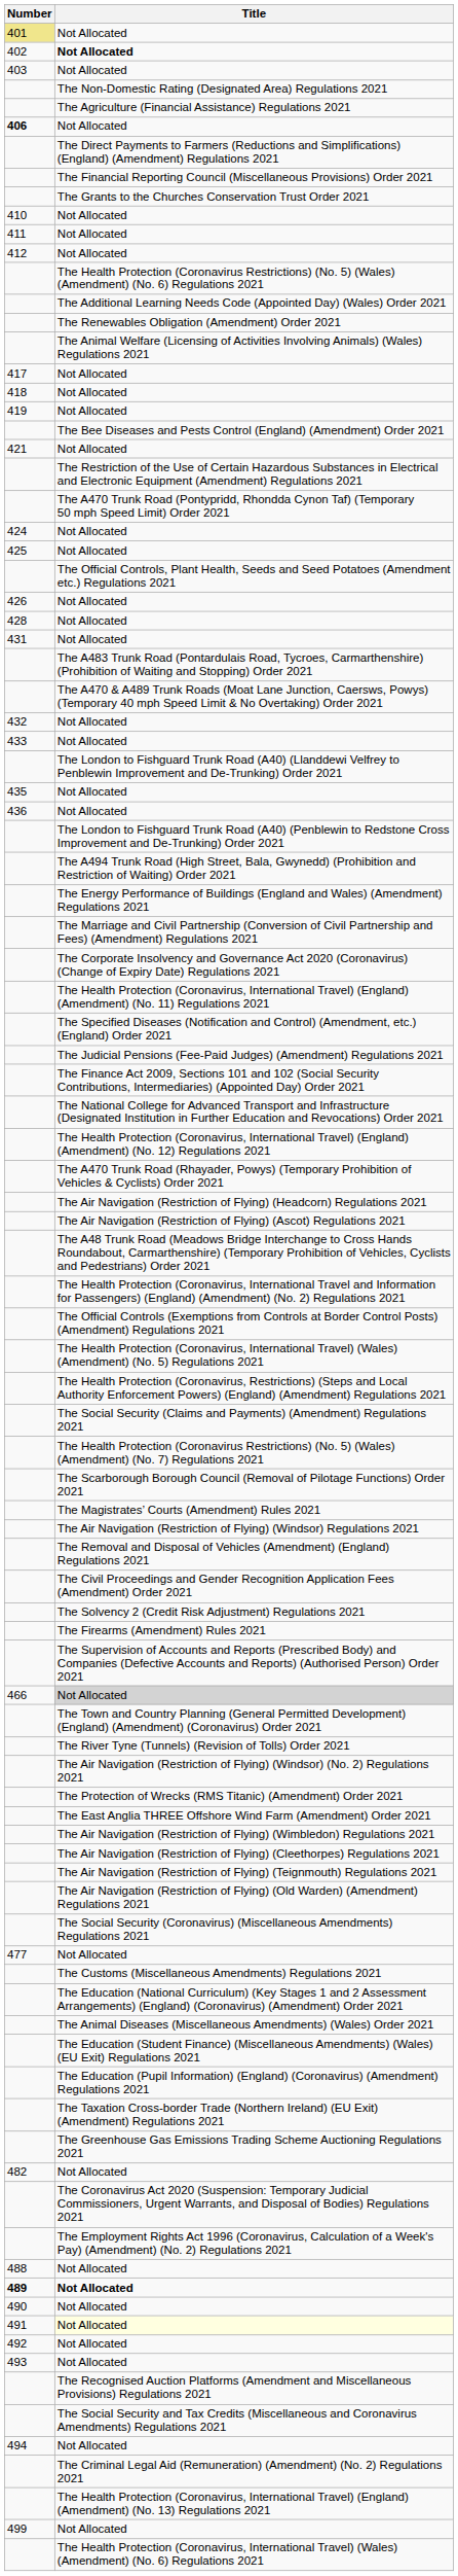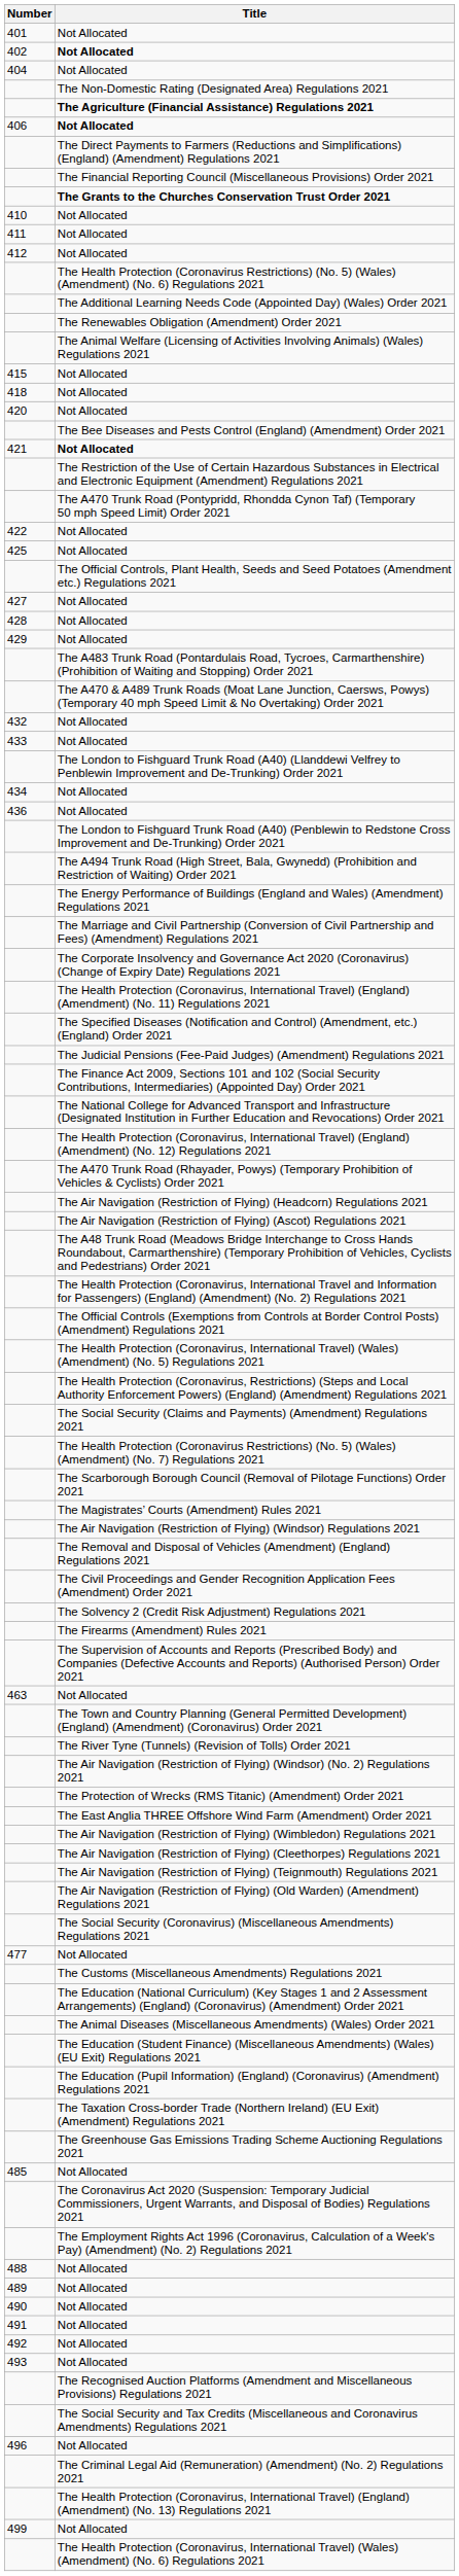 <table class="wikitable collapsible">
 <tr>
 <th>Number</th>
 <th>Title</th>
 </tr>
 <tr>
-<td style="background: khaki;">401</td>
+<td>401</td>
 <td>Not Allocated</td>
 </tr>
 <tr>
 <td>402</td>
 <td><strong>Not Allocated</strong></td>
 </tr>
 <tr>
-<td>403</td>
+<td>404</td>
 <td>Not Allocated</td>
 </tr>
 <tr>
 <td></td>
 <td>The Non-Domestic Rating (Designated Area) Regulations 2021</td>
 </tr>
 <tr>
 <td></td>
-<td>The Agriculture (Financial Assistance) Regulations 2021</td>
+<td><strong>The Agriculture (Financial Assistance) Regulations 2021</strong></td>
 </tr>
 <tr>
-<td><strong>406</strong></td>
-<td>Not Allocated</td>
+<td>406</td>
+<td><strong>Not Allocated</strong></td>
 </tr>
 <tr>
 <td></td>
 <td>The Direct Payments to Farmers (Reductions and Simplifications) (England) (Amendment) Regulations 2021</td>
 </tr>
 <tr>
 <td></td>
 <td>The Financial Reporting Council (Miscellaneous Provisions) Order 2021</td>
 </tr>
 <tr>
 <td></td>
-<td>The Grants to the Churches Conservation Trust Order 2021</td>
+<td><strong>The Grants to the Churches Conservation Trust Order 2021</strong></td>
 </tr>
 <tr>
 <td>410</td>
 <td>Not Allocated</td>
 </tr>
 <tr>
 <td>411</td>
 <td>Not Allocated</td>
 </tr>
 <tr>
 <td>412</td>
 <td>Not Allocated</td>
 </tr>
 <tr>
 <td></td>
 <td>The Health Protection (Coronavirus Restrictions) (No. 5) (Wales) (Amendment) (No. 6) Regulations 2021</td>
 </tr>
 <tr>
 <td></td>
 <td>The Additional Learning Needs Code (Appointed Day) (Wales) Order 2021</td>
 </tr>
 <tr>
 <td></td>
 <td>The Renewables Obligation (Amendment) Order 2021</td>
 </tr>
 <tr>
 <td></td>
 <td>The Animal Welfare (Licensing of Activities Involving Animals) (Wales) Regulations 2021</td>
 </tr>
 <tr>
-<td>417</td>
+<td>415</td>
 <td>Not Allocated</td>
 </tr>
 <tr>
 <td>418</td>
 <td>Not Allocated</td>
 </tr>
 <tr>
-<td>419</td>
+<td>420</td>
 <td>Not Allocated</td>
 </tr>
 <tr>
 <td></td>
 <td>The Bee Diseases and Pests Control (England) (Amendment) Order 2021</td>
 </tr>
 <tr>
 <td>421</td>
-<td>Not Allocated</td>
+<td><strong>Not Allocated</strong></td>
 </tr>
 <tr>
 <td></td>
 <td>The Restriction of the Use of Certain Hazardous Substances in Electrical and Electronic Equipment (Amendment) Regulations 2021</td>
 </tr>
 <tr>
 <td></td>
 <td>The A470 Trunk Road (Pontypridd, Rhondda Cynon Taf) (Temporary 50 mph Speed Limit) Order 2021</td>
 </tr>
 <tr>
-<td>424</td>
+<td>422</td>
 <td>Not Allocated</td>
 </tr>
 <tr>
 <td>425</td>
 <td>Not Allocated</td>
 </tr>
 <tr>
 <td></td>
 <td>The Official Controls, Plant Health, Seeds and Seed Potatoes (Amendment etc.) Regulations 2021</td>
 </tr>
 <tr>
-<td>426</td>
+<td>427</td>
 <td>Not Allocated</td>
 </tr>
 <tr>
 <td>428</td>
 <td>Not Allocated</td>
 </tr>
 <tr>
-<td>431</td>
+<td>429</td>
 <td>Not Allocated</td>
 </tr>
 <tr>
 <td></td>
 <td>The A483 Trunk Road (Pontardulais Road, Tycroes, Carmarthenshire) (Prohibition of Waiting and Stopping) Order 2021</td>
 </tr>
 <tr>
 <td></td>
 <td>The A470 & A489 Trunk Roads (Moat Lane Junction, Caersws, Powys) (Temporary 40 mph Speed Limit & No Overtaking) Order 2021</td>
 </tr>
 <tr>
 <td>432</td>
 <td>Not Allocated</td>
 </tr>
 <tr>
 <td>433</td>
 <td>Not Allocated</td>
 </tr>
 <tr>
 <td></td>
 <td>The London to Fishguard Trunk Road (A40) (Llanddewi Velfrey to Penblewin Improvement and De-Trunking) Order 2021</td>
 </tr>
 <tr>
-<td>435</td>
+<td>434</td>
 <td>Not Allocated</td>
 </tr>
 <tr>
 <td>436</td>
 <td>Not Allocated</td>
 </tr>
 <tr>
 <td></td>
 <td>The London to Fishguard Trunk Road (A40) (Penblewin to Redstone Cross Improvement and De-Trunking) Order 2021</td>
 </tr>
 <tr>
 <td></td>
 <td>The A494 Trunk Road (High Street, Bala, Gwynedd) (Prohibition and Restriction of Waiting) Order 2021</td>
 </tr>
 <tr>
 <td></td>
 <td>The Energy Performance of Buildings (England and Wales) (Amendment) Regulations 2021</td>
 </tr>
 <tr>
 <td></td>
 <td>The Marriage and Civil Partnership (Conversion of Civil Partnership and Fees) (Amendment) Regulations 2021</td>
 </tr>
 <tr>
 <td></td>
 <td>The Corporate Insolvency and Governance Act 2020 (Coronavirus) (Change of Expiry Date) Regulations 2021</td>
 </tr>
 <tr>
 <td></td>
 <td>The Health Protection (Coronavirus, International Travel) (England) (Amendment) (No. 11) Regulations 2021</td>
 </tr>
 <tr>
 <td></td>
 <td>The Specified Diseases (Notification and Control) (Amendment, etc.) (England) Order 2021</td>
 </tr>
 <tr>
 <td></td>
 <td>The Judicial Pensions (Fee-Paid Judges) (Amendment) Regulations 2021</td>
 </tr>
 <tr>
 <td></td>
 <td>The Finance Act 2009, Sections 101 and 102 (Social Security Contributions, Intermediaries) (Appointed Day) Order 2021</td>
 </tr>
 <tr>
 <td></td>
 <td>The National College for Advanced Transport and Infrastructure (Designated Institution in Further Education and Revocations) Order 2021</td>
 </tr>
 <tr>
 <td></td>
 <td>The Health Protection (Coronavirus, International Travel) (England) (Amendment) (No. 12) Regulations 2021</td>
 </tr>
 <tr>
 <td></td>
 <td>The A470 Trunk Road (Rhayader, Powys) (Temporary Prohibition of Vehicles & Cyclists) Order 2021</td>
 </tr>
 <tr>
 <td></td>
 <td>The Air Navigation (Restriction of Flying) (Headcorn) Regulations 2021</td>
 </tr>
 <tr>
 <td></td>
 <td>The Air Navigation (Restriction of Flying) (Ascot) Regulations 2021</td>
 </tr>
 <tr>
 <td></td>
 <td>The A48 Trunk Road (Meadows Bridge Interchange to Cross Hands Roundabout, Carmarthenshire) (Temporary Prohibition of Vehicles, Cyclists and Pedestrians) Order 2021</td>
 </tr>
 <tr>
 <td></td>
 <td>The Health Protection (Coronavirus, International Travel and Information for Passengers) (England) (Amendment) (No. 2) Regulations 2021</td>
 </tr>
 <tr>
 <td></td>
 <td>The Official Controls (Exemptions from Controls at Border Control Posts) (Amendment) Regulations 2021</td>
 </tr>
 <tr>
 <td></td>
 <td>The Health Protection (Coronavirus, International Travel) (Wales) (Amendment) (No. 5) Regulations 2021</td>
 </tr>
 <tr>
 <td></td>
 <td>The Health Protection (Coronavirus, Restrictions) (Steps and Local Authority Enforcement Powers) (England) (Amendment) Regulations 2021</td>
 </tr>
 <tr>
 <td></td>
 <td>The Social Security (Claims and Payments) (Amendment) Regulations 2021</td>
 </tr>
 <tr>
 <td></td>
 <td>The Health Protection (Coronavirus Restrictions) (No. 5) (Wales) (Amendment) (No. 7) Regulations 2021</td>
 </tr>
 <tr>
 <td></td>
 <td>The Scarborough Borough Council (Removal of Pilotage Functions) Order 2021</td>
 </tr>
 <tr>
 <td></td>
 <td>The Magistrates’ Courts (Amendment) Rules 2021</td>
 </tr>
 <tr>
 <td></td>
 <td>The Air Navigation (Restriction of Flying) (Windsor) Regulations 2021</td>
 </tr>
 <tr>
 <td></td>
 <td>The Removal and Disposal of Vehicles (Amendment) (England) Regulations 2021</td>
 </tr>
 <tr>
 <td></td>
 <td>The Civil Proceedings and Gender Recognition Application Fees (Amendment) Order 2021</td>
 </tr>
 <tr>
 <td></td>
 <td>The Solvency 2 (Credit Risk Adjustment) Regulations 2021</td>
 </tr>
 <tr>
 <td></td>
 <td>The Firearms (Amendment) Rules 2021</td>
 </tr>
 <tr>
 <td></td>
 <td>The Supervision of Accounts and Reports (Prescribed Body) and Companies (Defective Accounts and Reports) (Authorised Person) Order 2021</td>
 </tr>
 <tr>
-<td>466</td>
-<td style="background: lightgrey;">Not Allocated</td>
+<td>463</td>
+<td>Not Allocated</td>
 </tr>
 <tr>
 <td></td>
 <td>The Town and Country Planning (General Permitted Development) (England) (Amendment) (Coronavirus) Order 2021</td>
 </tr>
 <tr>
 <td></td>
 <td>The River Tyne (Tunnels) (Revision of Tolls) Order 2021</td>
 </tr>
 <tr>
 <td></td>
 <td>The Air Navigation (Restriction of Flying) (Windsor) (No. 2) Regulations 2021</td>
 </tr>
 <tr>
 <td></td>
 <td>The Protection of Wrecks (RMS Titanic) (Amendment) Order 2021</td>
 </tr>
 <tr>
 <td></td>
 <td>The East Anglia THREE Offshore Wind Farm (Amendment) Order 2021</td>
 </tr>
 <tr>
 <td></td>
 <td>The Air Navigation (Restriction of Flying) (Wimbledon) Regulations 2021</td>
 </tr>
 <tr>
 <td></td>
 <td>The Air Navigation (Restriction of Flying) (Cleethorpes) Regulations 2021</td>
 </tr>
 <tr>
 <td></td>
 <td>The Air Navigation (Restriction of Flying) (Teignmouth) Regulations 2021</td>
 </tr>
 <tr>
 <td></td>
 <td>The Air Navigation (Restriction of Flying) (Old Warden) (Amendment) Regulations 2021</td>
 </tr>
 <tr>
 <td></td>
 <td>The Social Security (Coronavirus) (Miscellaneous Amendments) Regulations 2021</td>
 </tr>
 <tr>
 <td>477</td>
 <td>Not Allocated</td>
 </tr>
 <tr>
 <td></td>
 <td>The Customs (Miscellaneous Amendments) Regulations 2021</td>
 </tr>
 <tr>
 <td></td>
 <td>The Education (National Curriculum) (Key Stages 1 and 2 Assessment Arrangements) (England) (Coronavirus) (Amendment) Order 2021</td>
 </tr>
 <tr>
 <td></td>
 <td>The Animal Diseases (Miscellaneous Amendments) (Wales) Order 2021</td>
 </tr>
 <tr>
 <td></td>
 <td>The Education (Student Finance) (Miscellaneous Amendments) (Wales) (EU Exit) Regulations 2021</td>
 </tr>
 <tr>
 <td></td>
 <td>The Education (Pupil Information) (England) (Coronavirus) (Amendment) Regulations 2021</td>
 </tr>
 <tr>
 <td></td>
 <td>The Taxation Cross-border Trade (Northern Ireland) (EU Exit) (Amendment) Regulations 2021</td>
 </tr>
 <tr>
 <td></td>
 <td>The Greenhouse Gas Emissions Trading Scheme Auctioning Regulations 2021</td>
 </tr>
 <tr>
-<td>482</td>
+<td>485</td>
 <td>Not Allocated</td>
 </tr>
 <tr>
 <td></td>
 <td>The Coronavirus Act 2020 (Suspension: Temporary Judicial Commissioners, Urgent Warrants, and Disposal of Bodies) Regulations 2021</td>
 </tr>
 <tr>
 <td></td>
 <td>The Employment Rights Act 1996 (Coronavirus, Calculation of a Week's Pay) (Amendment) (No. 2) Regulations 2021</td>
 </tr>
 <tr>
 <td>488</td>
 <td>Not Allocated</td>
 </tr>
 <tr>
-<td><strong>489</strong></td>
-<td><strong>Not Allocated</strong></td>
+<td>489</td>
+<td>Not Allocated</td>
 </tr>
 <tr>
 <td>490</td>
 <td>Not Allocated</td>
 </tr>
 <tr>
 <td>491</td>
-<td style="background: lightyellow;">Not Allocated</td>
+<td>Not Allocated</td>
 </tr>
 <tr>
 <td>492</td>
 <td>Not Allocated</td>
 </tr>
 <tr>
 <td>493</td>
 <td>Not Allocated</td>
 </tr>
 <tr>
 <td></td>
 <td>The Recognised Auction Platforms (Amendment and Miscellaneous Provisions) Regulations 2021</td>
 </tr>
 <tr>
 <td></td>
 <td>The Social Security and Tax Credits (Miscellaneous and Coronavirus Amendments) Regulations 2021</td>
 </tr>
 <tr>
-<td>494</td>
+<td>496</td>
 <td>Not Allocated</td>
 </tr>
 <tr>
 <td></td>
 <td>The Criminal Legal Aid (Remuneration) (Amendment) (No. 2) Regulations 2021</td>
 </tr>
 <tr>
 <td></td>
 <td>The Health Protection (Coronavirus, International Travel) (England) (Amendment) (No. 13) Regulations 2021</td>
 </tr>
 <tr>
 <td>499</td>
 <td>Not Allocated</td>
 </tr>
 <tr>
 <td></td>
 <td>The Health Protection (Coronavirus, International Travel) (Wales) (Amendment) (No. 6) Regulations 2021</td>
 </tr>
 </table>
